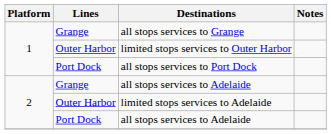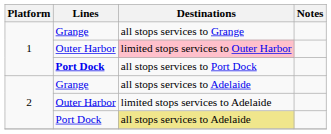 <table class="wikitable" style="float: none; margin: 0.5em; ">
 <tr>
 <th>Platform</th>
 <th>Lines</th>
 <th>Destinations</th>
 <th>Notes</th>
 </tr>
 <tr>
 <td rowspan="3" style="text-align:center;">1</td>
 <td style=background:#><a href='#'><span>Grange</span></a></td>
 <td>all stops services to <a href='#'>Grange</a></td>
 <td></td>
 </tr>
 <tr>
 <td style=background:#><a href='#'><span>Outer Harbor</span></a></td>
-<td>limited stops services to <a href='#'>Outer Harbor</a></td>
+<td style="background: pink;">limited stops services to <a href='#'>Outer Harbor</a></td>
 <td></td>
 </tr>
 <tr>
-<td style=background:#><a href='#'><span>Port Dock</span></a></td>
+<td style=background:#><strong><a href='#'><span>Port Dock</span></a></strong></td>
 <td>all stops services to <a href='#'>Port Dock</a></td>
 <td></td>
 </tr>
 <tr>
 <td rowspan="3" style="text-align:center;">2</td>
 <td style=background:#><a href='#'><span>Grange</span></a></td>
 <td>all stops services to <a href='#'>Adelaide</a></td>
 <td></td>
 </tr>
 <tr>
 <td style=background:#><a href='#'><span>Outer Harbor</span></a></td>
 <td>limited stops services to Adelaide</td>
 <td></td>
 </tr>
 <tr>
 <td style=background:#><a href='#'><span>Port Dock</span></a></td>
-<td>all stops services to Adelaide</td>
+<td style="background: khaki;">all stops services to Adelaide</td>
 <td></td>
 </tr>
 <tr>
 </tr>
 </table>
